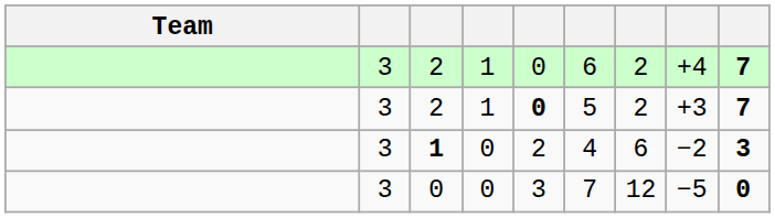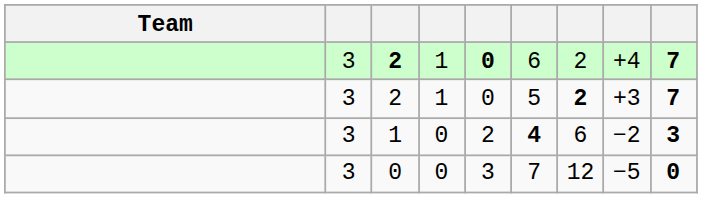 <table class="wikitable" style="text-align: center;">
 <tr>
 <th width="175">Team</th>
 <th width="20"></th>
 <th width="20"></th>
 <th width="20"></th>
 <th width="20"></th>
 <th width="20"></th>
 <th width="20"></th>
 <th width="20"></th>
 <th width="20"></th>
 </tr>
 <tr bgcolor="#ccffcc">
 <td align=left><em></em></td>
 <td>3</td>
-<td>2</td>
+<td><strong>2</strong></td>
 <td>1</td>
-<td>0</td>
+<td><strong>0</strong></td>
 <td>6</td>
 <td>2</td>
 <td>+4</td>
 <td><strong>7</strong></td>
 </tr>
 <tr bgcolor=>
 <td align=left></td>
 <td>3</td>
 <td>2</td>
 <td>1</td>
-<td><strong>0</strong></td>
+<td>0</td>
 <td>5</td>
-<td>2</td>
+<td><strong>2</strong></td>
 <td>+3</td>
 <td><strong>7</strong></td>
 </tr>
 <tr bgcolor=>
 <td align=left></td>
 <td>3</td>
-<td><strong>1</strong></td>
+<td>1</td>
 <td>0</td>
 <td>2</td>
-<td>4</td>
+<td><strong>4</strong></td>
 <td>6</td>
 <td>−2</td>
 <td><strong>3</strong></td>
 </tr>
 <tr bgcolor=>
 <td align=left></td>
 <td>3</td>
 <td>0</td>
 <td>0</td>
 <td>3</td>
 <td>7</td>
 <td>12</td>
 <td>−5</td>
 <td><strong>0</strong></td>
 </tr>
 </table>
